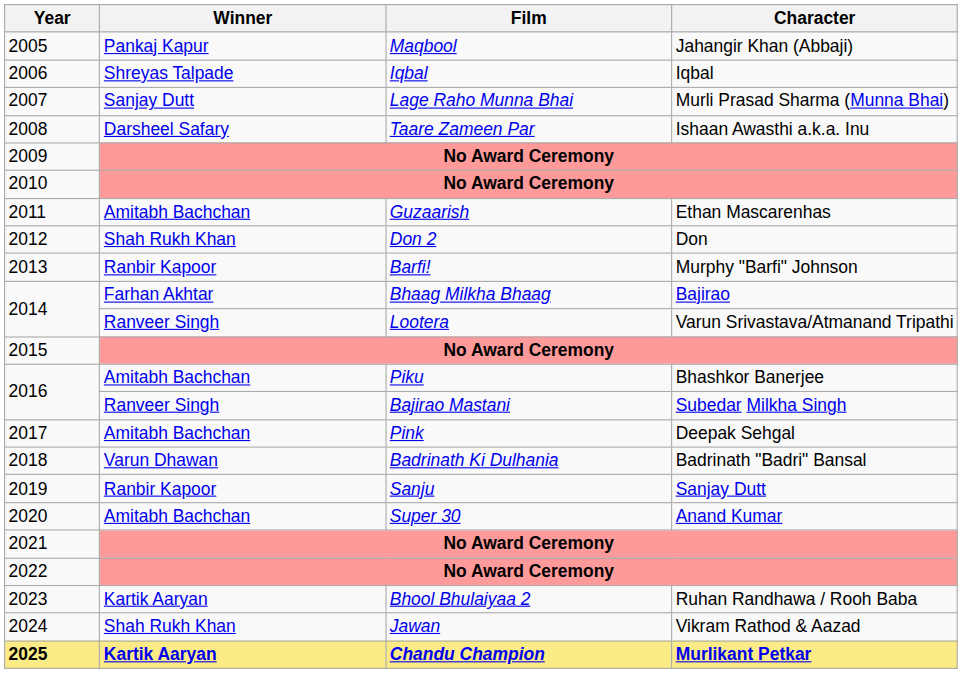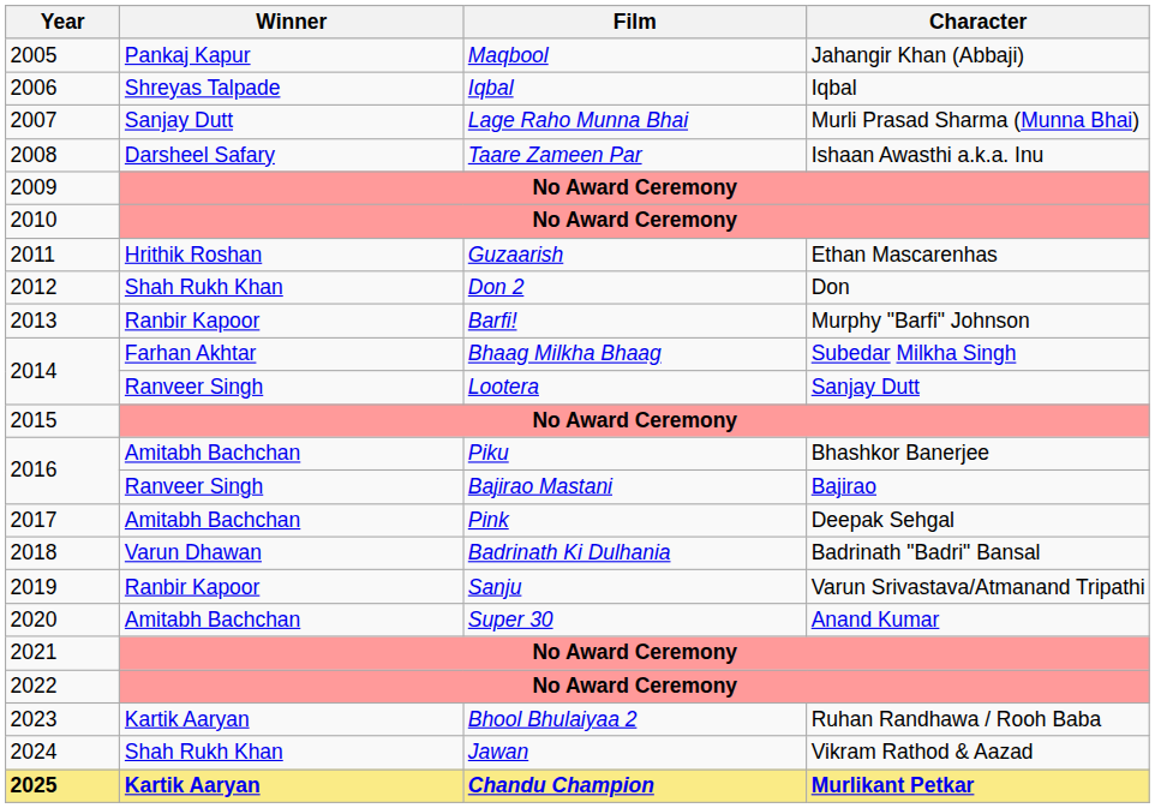 <table class="wikitable">
 <tr style="background:#bebebe;">
 <th style="width:10%;">Year</th>
 <th style="width:30%;">Winner</th>
 <th style="width:30%;">Film</th>
 <th style="width:30%;">Character</th>
 </tr>
 <tr>
 <td>2005</td>
 <td><a href='#'>Pankaj Kapur</a></td>
 <td><em><a href='#'>Maqbool</a></em></td>
 <td>Jahangir Khan (Abbaji)</td>
 </tr>
 <tr>
 <td>2006</td>
 <td><a href='#'>Shreyas Talpade</a></td>
 <td><em><a href='#'>Iqbal</a></em></td>
 <td>Iqbal</td>
 </tr>
 <tr>
 <td>2007</td>
 <td><a href='#'>Sanjay Dutt</a></td>
 <td><em><a href='#'>Lage Raho Munna Bhai</a></em></td>
 <td>Murli Prasad Sharma (<a href='#'>Munna Bhai</a>)</td>
 </tr>
 <tr>
 <td>2008</td>
 <td><a href='#'>Darsheel Safary</a></td>
 <td><em><a href='#'>Taare Zameen Par</a></em></td>
 <td>Ishaan Awasthi a.k.a. Inu</td>
 </tr>
 <tr>
 <td>2009</td>
 <th align="center" colspan="3" style="background:#ff9a9a;">No Award Ceremony</th>
 </tr>
 <tr>
 <td>2010</td>
 <th align="center" colspan="3" style="background:#ff9a9a;">No Award Ceremony</th>
 </tr>
 <tr>
 <td>2011</td>
-<td><a href='#'>Amitabh Bachchan</a></td>
+<td><a href='#'>Hrithik Roshan</a></td>
 <td><em><a href='#'>Guzaarish</a></em></td>
 <td>Ethan Mascarenhas</td>
 </tr>
 <tr>
 <td>2012</td>
 <td><a href='#'>Shah Rukh Khan</a></td>
 <td><em><a href='#'>Don 2</a></em></td>
 <td>Don</td>
 </tr>
 <tr>
 <td>2013</td>
 <td><a href='#'>Ranbir Kapoor</a></td>
 <td><em><a href='#'>Barfi!</a> </em></td>
 <td>Murphy "Barfi" Johnson</td>
 </tr>
 <tr>
 <td rowspan="2">2014</td>
 <td><a href='#'>Farhan Akhtar</a></td>
 <td><em><a href='#'>Bhaag Milkha Bhaag</a></em></td>
-<td><a href='#'>Bajirao</a></td>
+<td><a href='#'>Subedar</a> <a href='#'>Milkha Singh</a></td>
 </tr>
 <tr>
 <td><a href='#'>Ranveer Singh</a></td>
 <td><em><a href='#'>Lootera</a></em></td>
-<td>Varun Srivastava/Atmanand Tripathi</td>
+<td><a href='#'>Sanjay Dutt</a></td>
 </tr>
 <tr>
 <td>2015</td>
 <th align="center" colspan="3" style="background:#ff9a9a;">No Award Ceremony</th>
 </tr>
 <tr>
 <td rowspan="2">2016</td>
 <td><a href='#'>Amitabh Bachchan</a></td>
 <td><em><a href='#'>Piku</a></em></td>
 <td>Bhashkor Banerjee</td>
 </tr>
 <tr>
 <td><a href='#'>Ranveer Singh</a></td>
 <td><em><a href='#'>Bajirao Mastani</a></em></td>
-<td><a href='#'>Subedar</a> <a href='#'>Milkha Singh</a></td>
+<td><a href='#'>Bajirao</a></td>
 </tr>
 <tr>
 <td>2017</td>
 <td><a href='#'>Amitabh Bachchan</a></td>
 <td><em><a href='#'>Pink</a></em></td>
 <td>Deepak Sehgal</td>
 </tr>
 <tr>
 <td>2018</td>
 <td><a href='#'>Varun Dhawan</a></td>
 <td><em><a href='#'>Badrinath Ki Dulhania</a></em></td>
 <td>Badrinath "Badri" Bansal</td>
 </tr>
 <tr>
 <td>2019</td>
 <td><a href='#'>Ranbir Kapoor</a></td>
 <td><em><a href='#'>Sanju</a></em></td>
-<td><a href='#'>Sanjay Dutt</a></td>
+<td>Varun Srivastava/Atmanand Tripathi</td>
 </tr>
 <tr>
 <td>2020</td>
 <td><a href='#'>Amitabh Bachchan</a></td>
 <td><em><a href='#'>Super 30</a></em></td>
 <td><a href='#'>Anand Kumar</a></td>
 </tr>
 <tr>
 <td>2021</td>
 <th align="center" colspan="3" style="background:#ff9a9a;">No Award Ceremony</th>
 </tr>
 <tr>
 <td>2022</td>
 <th align="center" colspan="3" style="background:#ff9a9a;">No Award Ceremony</th>
 </tr>
 <tr>
 <td>2023</td>
 <td><a href='#'>Kartik Aaryan</a></td>
 <td><em><a href='#'>Bhool Bhulaiyaa 2</a></em></td>
 <td>Ruhan Randhawa / Rooh Baba</td>
 </tr>
 <tr>
 <td>2024</td>
 <td><a href='#'>Shah Rukh Khan</a></td>
 <td><em><a href='#'>Jawan</a></em></td>
 <td>Vikram Rathod & Aazad</td>
 </tr>
 <tr bgcolor="#FAEB86">
 <td><strong>2025</strong></td>
 <td><strong><a href='#'>Kartik Aaryan</a></strong></td>
 <td><strong><em><a href='#'>Chandu Champion</a></em></strong></td>
 <td><strong><a href='#'>Murlikant Petkar</a></strong></td>
 </tr>
 </table>
